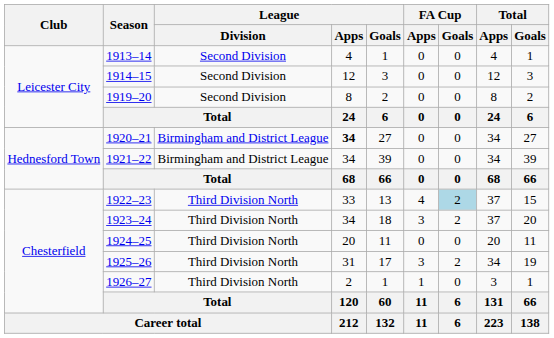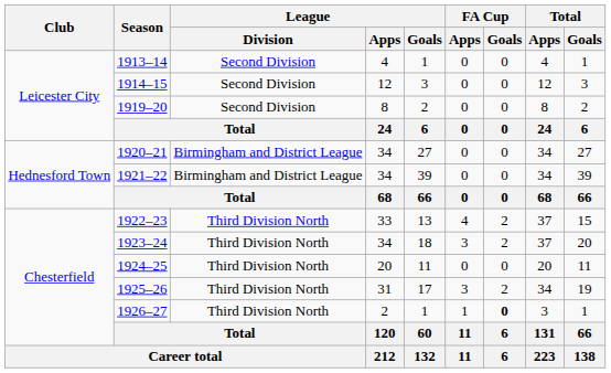 <table class="wikitable" style="text-align: center;">
 <tr>
 <th rowspan="2">Club</th>
 <th rowspan="2">Season</th>
 <th colspan="3">League</th>
 <th colspan="2">FA Cup</th>
 <th colspan="2">Total</th>
 </tr>
 <tr>
 <th>Division</th>
 <th>Apps</th>
 <th>Goals</th>
 <th>Apps</th>
 <th>Goals</th>
 <th>Apps</th>
 <th>Goals</th>
 </tr>
 <tr>
 <td rowspan="4"><a href='#'>Leicester City</a></td>
 <td><a href='#'>1913–14</a></td>
 <td><a href='#'>Second Division</a></td>
 <td>4</td>
 <td>1</td>
 <td>0</td>
 <td>0</td>
 <td>4</td>
 <td>1</td>
 </tr>
 <tr>
 <td><a href='#'>1914–15</a></td>
 <td>Second Division</td>
 <td>12</td>
 <td>3</td>
 <td>0</td>
 <td>0</td>
 <td>12</td>
 <td>3</td>
 </tr>
 <tr>
 <td><a href='#'>1919–20</a></td>
 <td>Second Division</td>
 <td>8</td>
 <td>2</td>
 <td>0</td>
 <td>0</td>
 <td>8</td>
 <td>2</td>
 </tr>
 <tr>
 <th colspan="2">Total</th>
 <th>24</th>
 <th>6</th>
 <th>0</th>
 <th>0</th>
 <th>24</th>
 <th>6</th>
 </tr>
 <tr>
 <td rowspan="3"><a href='#'>Hednesford Town</a></td>
 <td><a href='#'>1920–21</a></td>
 <td><a href='#'>Birmingham and District League</a></td>
-<td><strong>34</strong></td>
+<td>34</td>
 <td>27</td>
 <td>0</td>
 <td>0</td>
 <td>34</td>
 <td>27</td>
 </tr>
 <tr>
 <td><a href='#'>1921–22</a></td>
 <td>Birmingham and District League</td>
 <td>34</td>
 <td>39</td>
 <td>0</td>
 <td>0</td>
 <td>34</td>
 <td>39</td>
 </tr>
 <tr>
 <th colspan="2">Total</th>
 <th>68</th>
 <th>66</th>
 <th>0</th>
 <th>0</th>
 <th>68</th>
 <th>66</th>
 </tr>
 <tr>
 <td rowspan="6"><a href='#'>Chesterfield</a></td>
 <td><a href='#'>1922–23</a></td>
 <td><a href='#'>Third Division North</a></td>
 <td>33</td>
 <td>13</td>
 <td>4</td>
-<td style="background: lightblue;">2</td>
+<td>2</td>
 <td>37</td>
 <td>15</td>
 </tr>
 <tr>
 <td><a href='#'>1923–24</a></td>
 <td>Third Division North</td>
 <td>34</td>
 <td>18</td>
 <td>3</td>
 <td>2</td>
 <td>37</td>
 <td>20</td>
 </tr>
 <tr>
 <td><a href='#'>1924–25</a></td>
 <td>Third Division North</td>
 <td>20</td>
 <td>11</td>
 <td>0</td>
 <td>0</td>
 <td>20</td>
 <td>11</td>
 </tr>
 <tr>
 <td><a href='#'>1925–26</a></td>
 <td>Third Division North</td>
 <td>31</td>
 <td>17</td>
 <td>3</td>
 <td>2</td>
 <td>34</td>
 <td>19</td>
 </tr>
 <tr>
 <td><a href='#'>1926–27</a></td>
 <td>Third Division North</td>
 <td>2</td>
 <td>1</td>
 <td>1</td>
-<td>0</td>
+<td><strong>0</strong></td>
 <td>3</td>
 <td>1</td>
 </tr>
 <tr>
 <th colspan="2">Total</th>
 <th>120</th>
 <th>60</th>
 <th>11</th>
 <th>6</th>
 <th>131</th>
 <th>66</th>
 </tr>
 <tr>
 <th colspan="3">Career total</th>
 <th>212</th>
 <th>132</th>
 <th>11</th>
 <th>6</th>
 <th>223</th>
 <th>138</th>
 </tr>
 </table>
